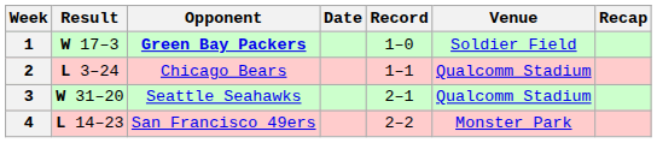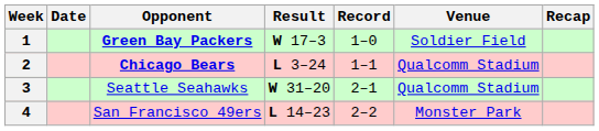 <table class="wikitable" style="align=center">
 <tr>
 <th>Week</th>
+<th>Date</th>
+<th>Opponent</th>
 <th>Result</th>
-<th>Opponent</th>
-<th>Date</th>
 <th>Record</th>
 <th>Venue</th>
 <th>Recap</th>
 </tr>
 <tr style="text-align:center; background:#cfc;">
 <th>1</th>
+<td></td>
+<td><strong><a href='#'>Green Bay Packers</a></strong></td>
 <td><strong>W</strong> 17–3</td>
-<td><strong><a href='#'>Green Bay Packers</a></strong></td>
-<td></td>
 <td>1–0</td>
 <td><a href='#'>Soldier Field</a></td>
 <td></td>
 </tr>
 <tr style="text-align:center; background:#fcc;">
 <th>2</th>
+<td></td>
+<td><strong><a href='#'>Chicago Bears</a></strong></td>
 <td><strong>L</strong> 3–24</td>
-<td><a href='#'>Chicago Bears</a></td>
-<td></td>
 <td>1–1</td>
 <td><a href='#'>Qualcomm Stadium</a></td>
 <td></td>
 </tr>
 <tr style="text-align:center; background:#cfc;">
 <th>3</th>
+<td></td>
+<td><a href='#'>Seattle Seahawks</a></td>
 <td><strong>W</strong> 31–20</td>
-<td><a href='#'>Seattle Seahawks</a></td>
-<td></td>
 <td>2–1</td>
 <td><a href='#'>Qualcomm Stadium</a></td>
 <td></td>
 </tr>
 <tr style="text-align:center; background:#fcc;">
 <th>4</th>
+<td></td>
+<td><a href='#'>San Francisco 49ers</a></td>
 <td><strong>L</strong> 14–23</td>
-<td><a href='#'>San Francisco 49ers</a></td>
-<td></td>
 <td>2–2</td>
 <td><a href='#'>Monster Park</a></td>
 <td></td>
 </tr>
 </table>
